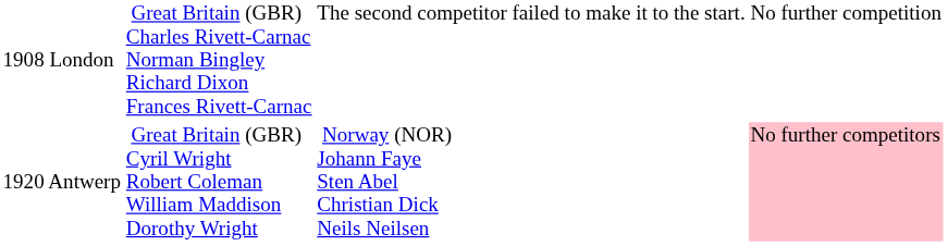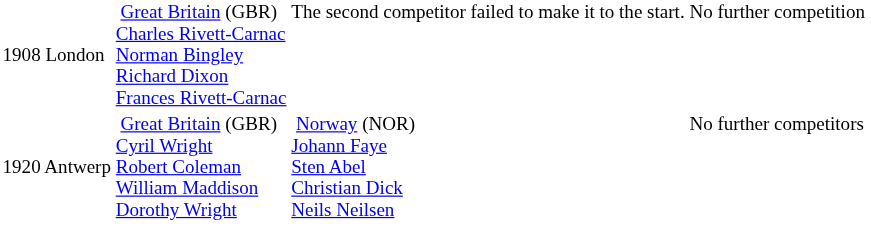 <table>
 <tr>
 <td style="align:center;">1908 London <br></td>
 <td style="vertical-align:top;"> <a href='#'>Great Britain</a> <span>(GBR)</span><br><a href='#'>Charles Rivett-Carnac</a><br><a href='#'>Norman Bingley</a><br><a href='#'>Richard Dixon</a><br><a href='#'>Frances Rivett-Carnac</a></td>
 <td style="vertical-align:top;">The second competitor failed to make it to the start.</td>
 <td style="vertical-align:top;">No further competition</td>
 </tr>
 <tr>
 <td style="align:center;">1920 Antwerp <br></td>
 <td style="vertical-align:top;"> <a href='#'>Great Britain</a> <span>(GBR)</span><br><a href='#'>Cyril Wright</a><br><a href='#'>Robert Coleman</a><br><a href='#'>William Maddison</a><br><a href='#'>Dorothy Wright</a></td>
 <td style="vertical-align:top;"> <a href='#'>Norway</a> <span>(NOR)</span><br><a href='#'>Johann Faye</a><br><a href='#'>Sten Abel</a><br><a href='#'>Christian Dick</a><br><a href='#'>Neils Neilsen</a></td>
-<td style="background: pink; vertical-align:top;">No further competitors</td>
+<td style="vertical-align:top;">No further competitors</td>
 </tr>
 </table>
